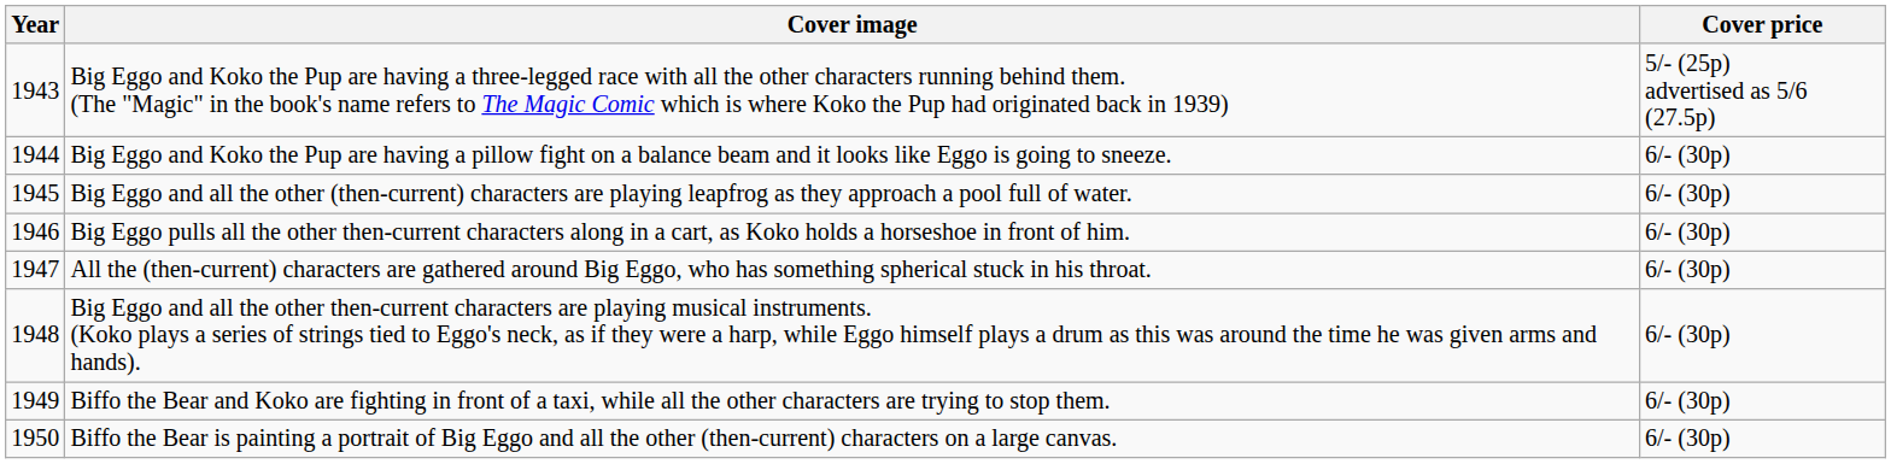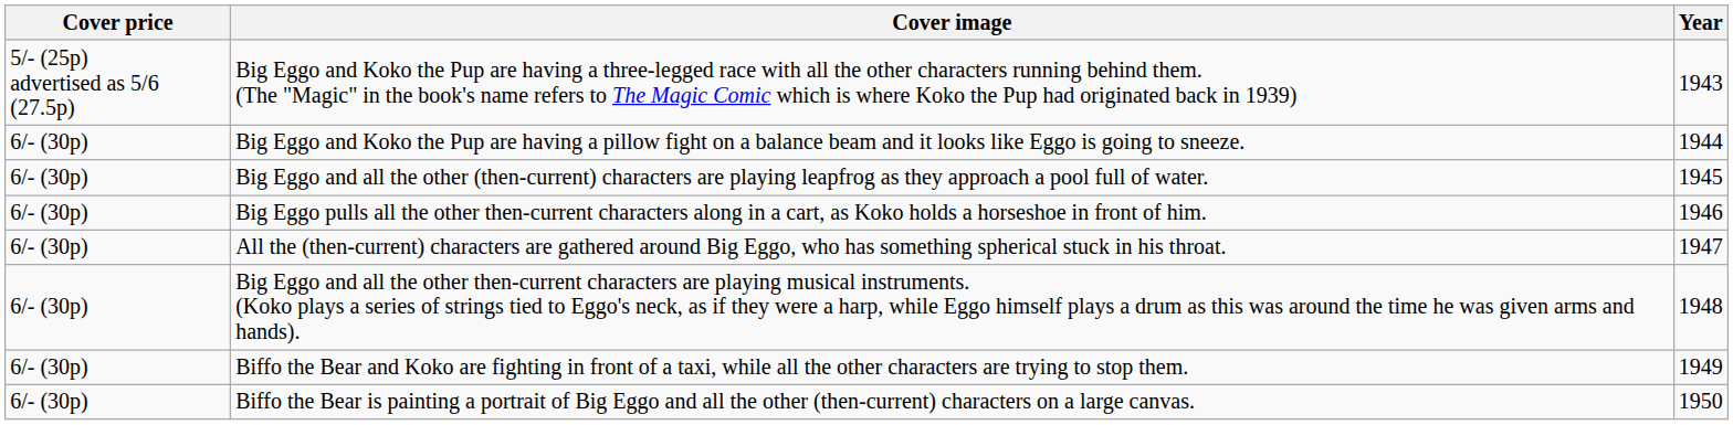 <table class="wikitable">
 <tr>
+<th>Cover price</th>
+<th>Cover image</th>
 <th>Year</th>
-<th>Cover image</th>
-<th>Cover price</th>
 </tr>
 <tr>
+<td>5/- (25p)<br>advertised as 5/6 (27.5p)</td>
+<td>Big Eggo and Koko the Pup are having a three-legged race with all the other characters running behind them. <br>(The "Magic" in the book's name refers to <em><a href='#'>The Magic Comic</a></em> which is where Koko the Pup had originated back in 1939)</td>
 <td>1943</td>
-<td>Big Eggo and Koko the Pup are having a three-legged race with all the other characters running behind them. <br>(The "Magic" in the book's name refers to <em><a href='#'>The Magic Comic</a></em> which is where Koko the Pup had originated back in 1939)</td>
-<td>5/- (25p)<br>advertised as 5/6 (27.5p)</td>
 </tr>
 <tr>
+<td>6/- (30p)</td>
+<td>Big Eggo and Koko the Pup are having a pillow fight on a balance beam and it looks like Eggo is going to sneeze.</td>
 <td>1944</td>
-<td>Big Eggo and Koko the Pup are having a pillow fight on a balance beam and it looks like Eggo is going to sneeze.</td>
-<td>6/- (30p)</td>
 </tr>
 <tr>
+<td>6/- (30p)</td>
+<td>Big Eggo and all the other (then-current) characters are playing leapfrog as they approach a pool full of water.</td>
 <td>1945</td>
-<td>Big Eggo and all the other (then-current) characters are playing leapfrog as they approach a pool full of water.</td>
-<td>6/- (30p)</td>
 </tr>
 <tr>
+<td>6/- (30p)</td>
+<td>Big Eggo pulls all the other then-current characters along in a cart, as Koko holds a horseshoe in front of him.</td>
 <td>1946</td>
-<td>Big Eggo pulls all the other then-current characters along in a cart, as Koko holds a horseshoe in front of him.</td>
-<td>6/- (30p)</td>
 </tr>
 <tr>
+<td>6/- (30p)</td>
+<td>All the (then-current) characters are gathered around Big Eggo, who has something spherical stuck in his throat.</td>
 <td>1947</td>
-<td>All the (then-current) characters are gathered around Big Eggo, who has something spherical stuck in his throat.</td>
-<td>6/- (30p)</td>
 </tr>
 <tr>
+<td>6/- (30p)</td>
+<td>Big Eggo and all the other then-current characters are playing musical instruments. <br>(Koko plays a series of strings tied to Eggo's neck, as if they were a harp, while Eggo himself plays a drum as this was around the time he was given arms and hands).</td>
 <td>1948</td>
-<td>Big Eggo and all the other then-current characters are playing musical instruments. <br>(Koko plays a series of strings tied to Eggo's neck, as if they were a harp, while Eggo himself plays a drum as this was around the time he was given arms and hands).</td>
-<td>6/- (30p)</td>
 </tr>
 <tr>
+<td>6/- (30p)</td>
+<td>Biffo the Bear and Koko are fighting in front of a taxi, while all the other characters are trying to stop them.</td>
 <td>1949</td>
-<td>Biffo the Bear and Koko are fighting in front of a taxi, while all the other characters are trying to stop them.</td>
-<td>6/- (30p)</td>
 </tr>
 <tr>
+<td>6/- (30p)</td>
+<td>Biffo the Bear is painting a portrait of Big Eggo and all the other (then-current) characters on a large canvas.</td>
 <td>1950</td>
-<td>Biffo the Bear is painting a portrait of Big Eggo and all the other (then-current) characters on a large canvas.</td>
-<td>6/- (30p)</td>
 </tr>
 </table>
